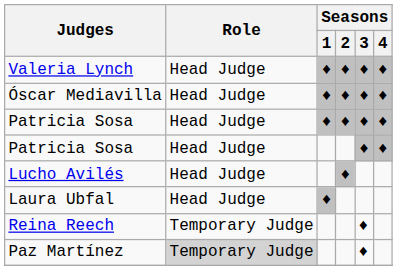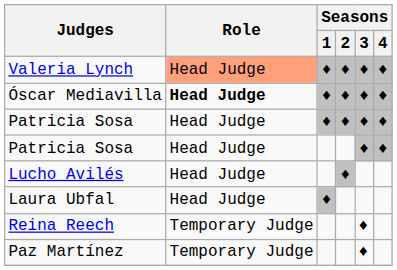 <table class="wikitable">
 <tr>
 <th rowspan="2">Judges</th>
 <th rowspan="2">Role</th>
 <th colspan="13">Seasons</th>
 </tr>
 <tr>
 <th>1</th>
 <th>2</th>
 <th>3</th>
 <th>4</th>
 </tr>
 <tr>
 <td><a href='#'>Valeria Lynch</a></td>
-<td>Head Judge</td>
+<td style="background: lightsalmon;">Head Judge</td>
 <td align="center" bgcolor="silver">♦</td>
 <td align="center" bgcolor="silver">♦</td>
 <td align="center" bgcolor="silver">♦</td>
 <td align="center" bgcolor="silver">♦</td>
 </tr>
 <tr>
 <td>Óscar Mediavilla</td>
-<td>Head Judge</td>
+<td><strong>Head Judge</strong></td>
 <td align="center" bgcolor="silver">♦</td>
 <td align="center" bgcolor="silver">♦</td>
 <td align="center" bgcolor="silver">♦</td>
 <td align="center" bgcolor="silver">♦</td>
 </tr>
 <tr>
 <td>Patricia Sosa</td>
 <td>Head Judge</td>
 <td align="center" bgcolor="silver">♦</td>
 <td align="center" bgcolor="silver">♦</td>
 <td align="center" bgcolor="silver">♦</td>
 <td align="center" bgcolor="silver">♦</td>
 </tr>
 <tr>
 <td>Patricia Sosa</td>
 <td>Head Judge</td>
 <td></td>
 <td></td>
 <td align="center" bgcolor="silver">♦</td>
 <td align="center" bgcolor="silver">♦</td>
 </tr>
 <tr>
 <td><a href='#'>Lucho Avilés</a></td>
 <td>Head Judge</td>
 <td></td>
 <td align="center" bgcolor="silver">♦</td>
 <td></td>
 <td></td>
 </tr>
 <tr>
 <td>Laura Ubfal</td>
 <td>Head Judge</td>
 <td align="center" bgcolor="silver">♦</td>
 <td></td>
 <td></td>
 <td></td>
 </tr>
 <tr>
 <td><a href='#'>Reina Reech</a></td>
 <td>Temporary Judge</td>
 <td></td>
 <td></td>
 <td>♦</td>
 <td></td>
 </tr>
 <tr>
 <td>Paz Martínez</td>
-<td style="background: lightgrey;">Temporary Judge</td>
+<td>Temporary Judge</td>
 <td></td>
 <td></td>
 <td>♦</td>
 <td></td>
 </tr>
 <tr>
 </tr>
 </table>
